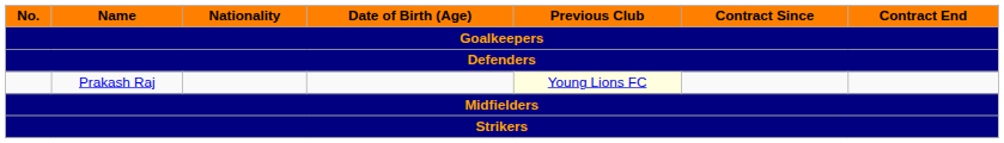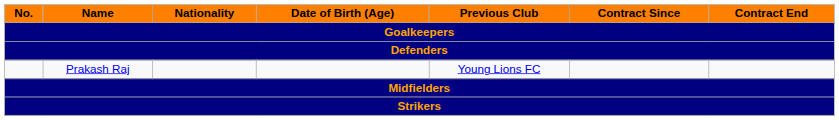 <table class="wikitable" style="text-align:center; font-size:100%; width:90%;">
 <tr>
 <th style="background:#FF8000; color:black; text-align:center;">No.</th>
 <th style="background:#FF8000; color:black; text-align:center;">Name</th>
 <th style="background:#FF8000; color:black; text-align:center;">Nationality</th>
 <th style="background:#FF8000; color:black; text-align:center;">Date of Birth (Age)</th>
 <th style="background:#FF8000; color:black; text-align:center;">Previous Club</th>
 <th style="background:#FF8000; color:black; text-align:center;">Contract Since</th>
 <th style="background:#FF8000; color:black; text-align:center;">Contract End</th>
 </tr>
 <tr>
 <th colspan="8" style="background:navy; color:orange; text-align:center;">Goalkeepers</th>
 </tr>
 <tr>
 <th colspan="8" style="background:navy; color:orange; text-align:center">Defenders</th>
 </tr>
 <tr>
 <td></td>
 <td><a href='#'>Prakash Raj</a></td>
 <td></td>
 <td></td>
-<td style="background: lightyellow;"> <a href='#'>Young Lions FC</a></td>
+<td> <a href='#'>Young Lions FC</a></td>
 <td></td>
 <td></td>
 </tr>
 <tr>
 <th colspan="8" style="background:navy; color:orange; text-align:center">Midfielders</th>
 </tr>
 <tr>
 <th colspan="8" style="background:navy; color:orange; text-align:center">Strikers</th>
 </tr>
 <tr>
 </tr>
 </table>
